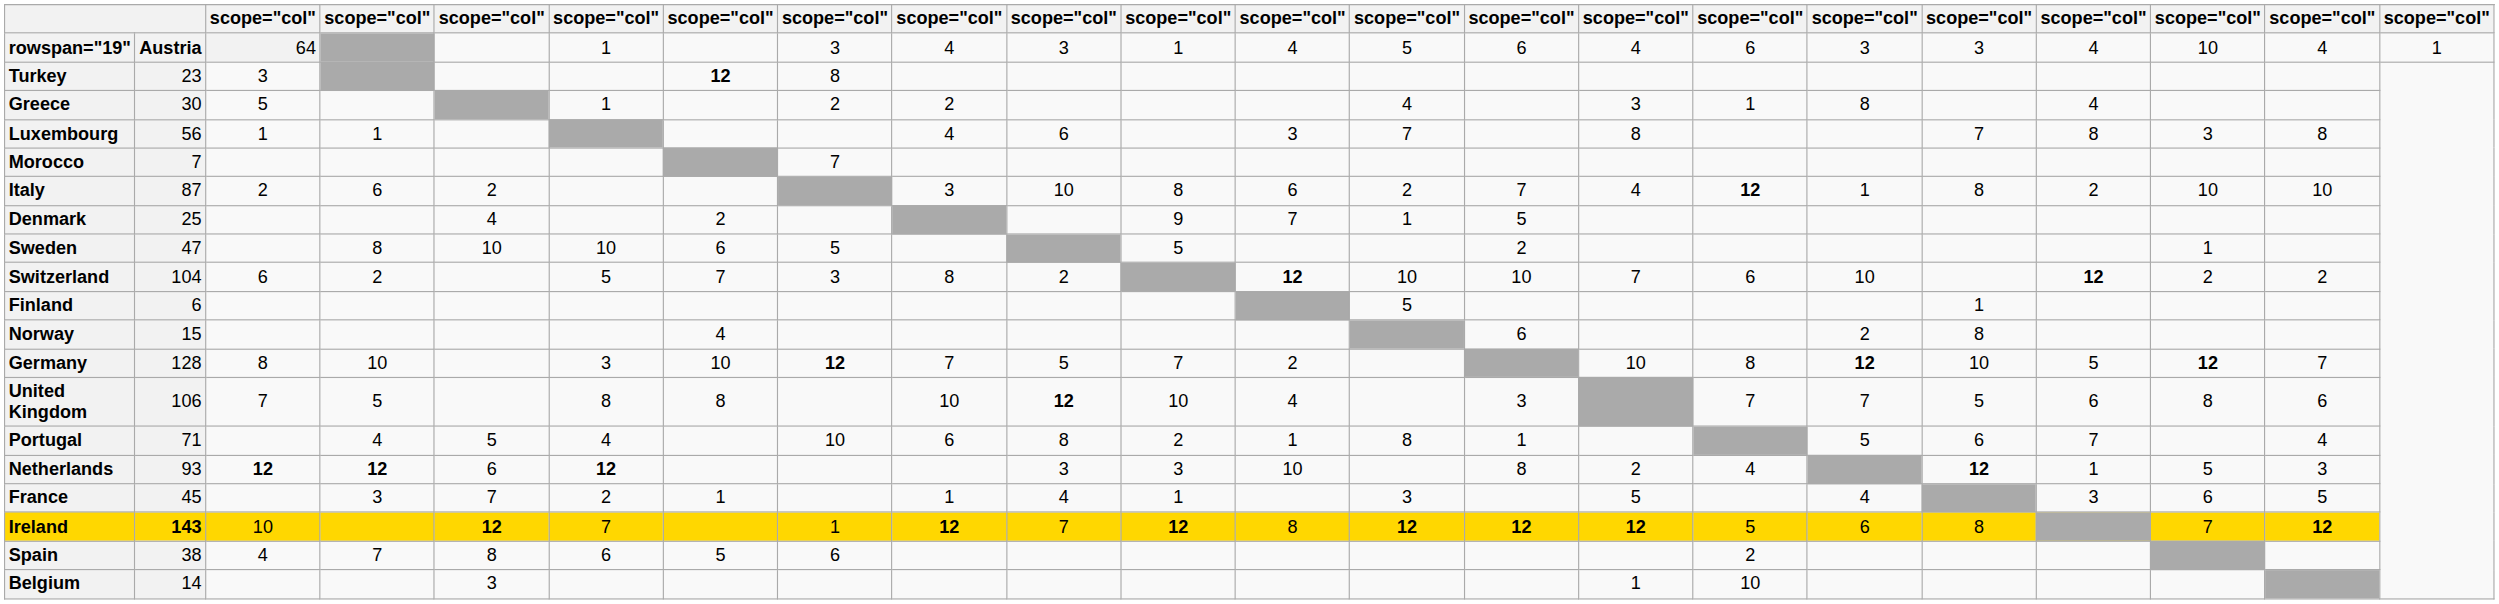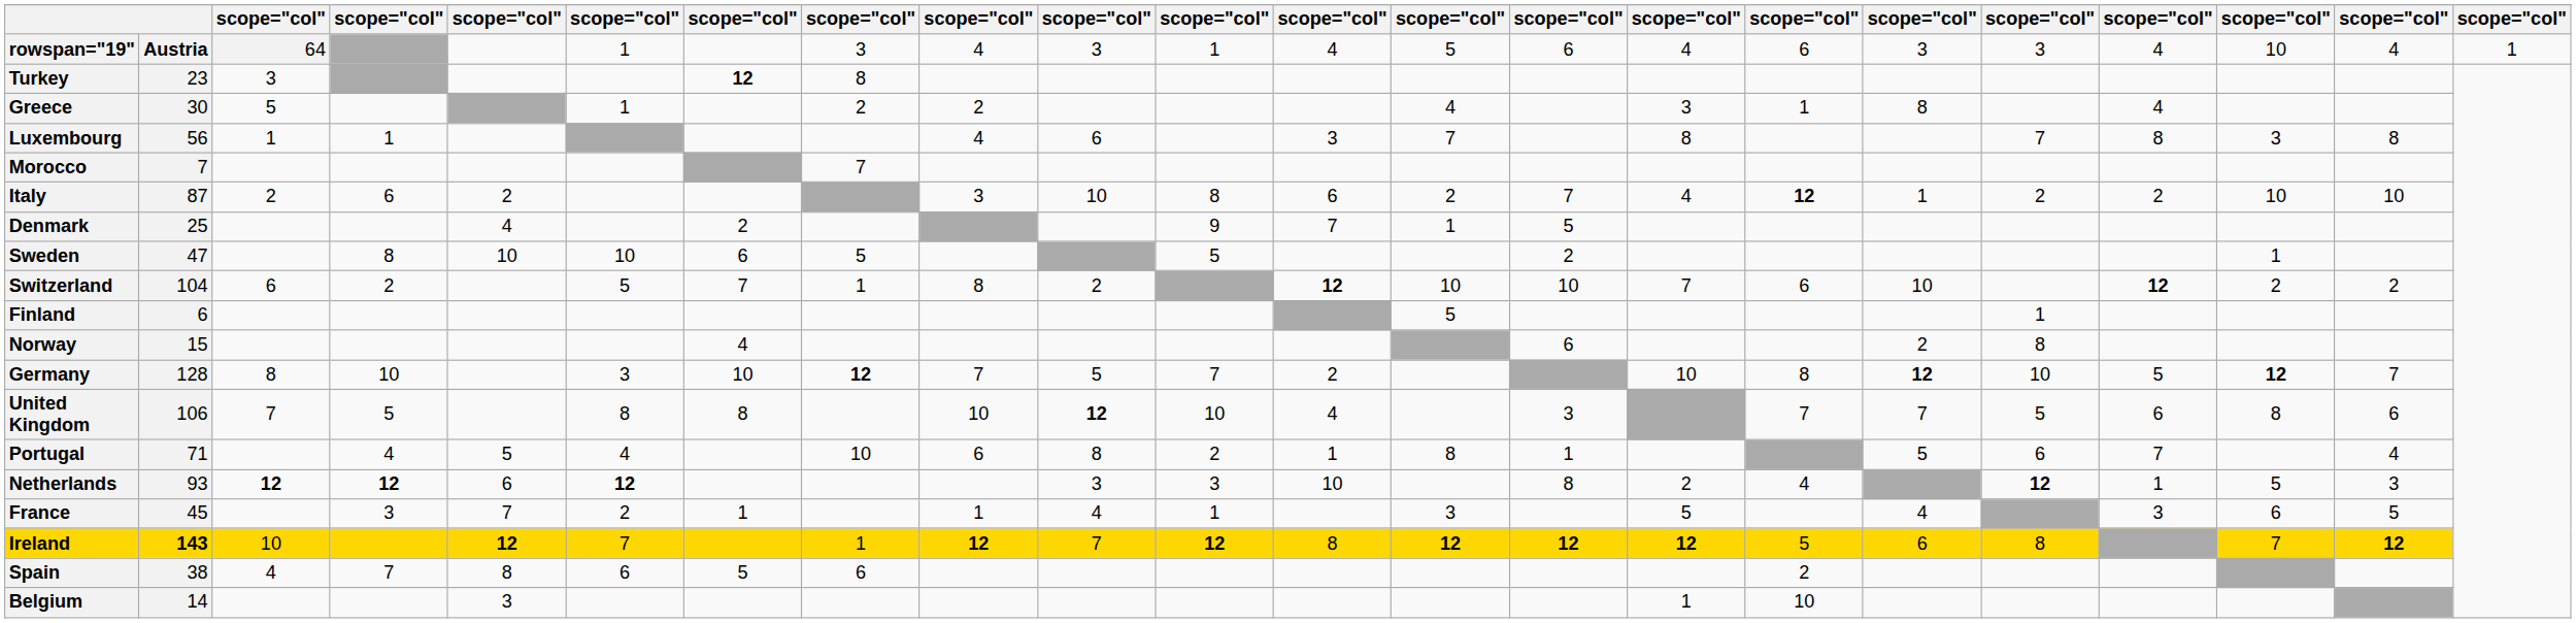 <table class="wikitable plainrowheaders" style="text-align:center;">
 <tr>
 </tr>
 <tr>
 <th colspan="2"></th>
 <th>scope="col" </th>
 <th>scope="col" </th>
 <th>scope="col" </th>
 <th>scope="col" </th>
 <th>scope="col" </th>
 <th>scope="col" </th>
 <th>scope="col" </th>
 <th>scope="col" </th>
 <th>scope="col" </th>
 <th>scope="col" </th>
 <th>scope="col" </th>
 <th>scope="col" </th>
 <th>scope="col" </th>
 <th>scope="col" </th>
 <th>scope="col" </th>
 <th>scope="col" </th>
 <th>scope="col" </th>
 <th>scope="col" </th>
 <th>scope="col" </th>
 <th>scope="col" </th>
 </tr>
 <tr>
 <th>rowspan="19" </th>
 <th scope="row" style="text-align:left; background:#f2f2f2;">Austria</th>
 <td style="text-align:right; background:#f2f2f2;">64</td>
 <td style="text-align:left; background:#aaa;"></td>
 <td></td>
 <td>1</td>
 <td></td>
 <td>3</td>
 <td>4</td>
 <td>3</td>
 <td>1</td>
 <td>4</td>
 <td>5</td>
 <td>6</td>
 <td>4</td>
 <td>6</td>
 <td>3</td>
 <td>3</td>
 <td>4</td>
 <td>10</td>
 <td>4</td>
 <td>1</td>
 </tr>
 <tr>
 <th scope="row" style="text-align:left; background:#f2f2f2;">Turkey</th>
 <td style="text-align:right; background:#f2f2f2;">23</td>
 <td>3</td>
 <td style="text-align:left; background:#aaa;"></td>
 <td></td>
 <td></td>
 <td><strong>12</strong></td>
 <td>8</td>
 <td></td>
 <td></td>
 <td></td>
 <td></td>
 <td></td>
 <td></td>
 <td></td>
 <td></td>
 <td></td>
 <td></td>
 <td></td>
 <td></td>
 <td></td>
 </tr>
 <tr>
 <th scope="row" style="text-align:left; background:#f2f2f2;">Greece</th>
 <td style="text-align:right; background:#f2f2f2;">30</td>
 <td>5</td>
 <td></td>
 <td style="text-align:left; background:#aaa;"></td>
 <td>1</td>
 <td></td>
 <td>2</td>
 <td>2</td>
 <td></td>
 <td></td>
 <td></td>
 <td>4</td>
 <td></td>
 <td>3</td>
 <td>1</td>
 <td>8</td>
 <td></td>
 <td>4</td>
 <td></td>
 <td></td>
 </tr>
 <tr>
 <th scope="row" style="text-align:left; background:#f2f2f2;">Luxembourg</th>
 <td style="text-align:right; background:#f2f2f2;">56</td>
 <td>1</td>
 <td>1</td>
 <td></td>
 <td style="text-align:left; background:#aaa;"></td>
 <td></td>
 <td></td>
 <td>4</td>
 <td>6</td>
 <td></td>
 <td>3</td>
 <td>7</td>
 <td></td>
 <td>8</td>
 <td></td>
 <td></td>
 <td>7</td>
 <td>8</td>
 <td>3</td>
 <td>8</td>
 </tr>
 <tr>
 <th scope="row" style="text-align:left; background:#f2f2f2;">Morocco</th>
 <td style="text-align:right; background:#f2f2f2;">7</td>
 <td></td>
 <td></td>
 <td></td>
 <td></td>
 <td style="text-align:left; background:#aaa;"></td>
 <td>7</td>
 <td></td>
 <td></td>
 <td></td>
 <td></td>
 <td></td>
 <td></td>
 <td></td>
 <td></td>
 <td></td>
 <td></td>
 <td></td>
 <td></td>
 <td></td>
 </tr>
 <tr>
 <th scope="row" style="text-align:left; background:#f2f2f2;">Italy</th>
 <td style="text-align:right; background:#f2f2f2;">87</td>
 <td>2</td>
 <td>6</td>
 <td>2</td>
 <td></td>
 <td></td>
 <td style="text-align:left; background:#aaa;"></td>
 <td>3</td>
 <td>10</td>
 <td>8</td>
 <td>6</td>
 <td>2</td>
 <td>7</td>
 <td>4</td>
 <td><strong>12</strong></td>
 <td>1</td>
-<td>8</td>
+<td>2</td>
 <td>2</td>
 <td>10</td>
 <td>10</td>
 </tr>
 <tr>
 <th scope="row" style="text-align:left; background:#f2f2f2;">Denmark</th>
 <td style="text-align:right; background:#f2f2f2;">25</td>
 <td></td>
 <td></td>
 <td>4</td>
 <td></td>
 <td>2</td>
 <td></td>
 <td style="text-align:left; background:#aaa;"></td>
 <td></td>
 <td>9</td>
 <td>7</td>
 <td>1</td>
 <td>5</td>
 <td></td>
 <td></td>
 <td></td>
 <td></td>
 <td></td>
 <td></td>
 <td></td>
 </tr>
 <tr>
 <th scope="row" style="text-align:left; background:#f2f2f2;">Sweden</th>
 <td style="text-align:right; background:#f2f2f2;">47</td>
 <td></td>
 <td>8</td>
 <td>10</td>
 <td>10</td>
 <td>6</td>
 <td>5</td>
 <td></td>
 <td style="text-align:left; background:#aaa;"></td>
 <td>5</td>
 <td></td>
 <td></td>
 <td>2</td>
 <td></td>
 <td></td>
 <td></td>
 <td></td>
 <td></td>
 <td>1</td>
 <td></td>
 </tr>
 <tr>
 <th scope="row" style="text-align:left; background:#f2f2f2;">Switzerland</th>
 <td style="text-align:right; background:#f2f2f2;">104</td>
 <td>6</td>
 <td>2</td>
 <td></td>
 <td>5</td>
 <td>7</td>
-<td>3</td>
+<td>1</td>
 <td>8</td>
 <td>2</td>
 <td style="text-align:left; background:#aaa;"></td>
 <td><strong>12</strong></td>
 <td>10</td>
 <td>10</td>
 <td>7</td>
 <td>6</td>
 <td>10</td>
 <td></td>
 <td><strong>12</strong></td>
 <td>2</td>
 <td>2</td>
 </tr>
 <tr>
 <th scope="row" style="text-align:left; background:#f2f2f2;">Finland</th>
 <td style="text-align:right; background:#f2f2f2;">6</td>
 <td></td>
 <td></td>
 <td></td>
 <td></td>
 <td></td>
 <td></td>
 <td></td>
 <td></td>
 <td></td>
 <td style="text-align:left; background:#aaa;"></td>
 <td>5</td>
 <td></td>
 <td></td>
 <td></td>
 <td></td>
 <td>1</td>
 <td></td>
 <td></td>
 <td></td>
 </tr>
 <tr>
 <th scope="row" style="text-align:left; background:#f2f2f2;">Norway</th>
 <td style="text-align:right; background:#f2f2f2;">15</td>
 <td></td>
 <td></td>
 <td></td>
 <td></td>
 <td>4</td>
 <td></td>
 <td></td>
 <td></td>
 <td></td>
 <td></td>
 <td style="text-align:left; background:#aaa;"></td>
 <td>6</td>
 <td></td>
 <td></td>
 <td>2</td>
 <td>8</td>
 <td></td>
 <td></td>
 <td></td>
 </tr>
 <tr>
 <th scope="row" style="text-align:left; background:#f2f2f2;">Germany</th>
 <td style="text-align:right; background:#f2f2f2;">128</td>
 <td>8</td>
 <td>10</td>
 <td></td>
 <td>3</td>
 <td>10</td>
 <td><strong>12</strong></td>
 <td>7</td>
 <td>5</td>
 <td>7</td>
 <td>2</td>
 <td></td>
 <td style="text-align:left; background:#aaa;"></td>
 <td>10</td>
 <td>8</td>
 <td><strong>12</strong></td>
 <td>10</td>
 <td>5</td>
 <td><strong>12</strong></td>
 <td>7</td>
 </tr>
 <tr>
 <th scope="row" style="text-align:left; background:#f2f2f2;">United Kingdom</th>
 <td style="text-align:right; background:#f2f2f2;">106</td>
 <td>7</td>
 <td>5</td>
 <td></td>
 <td>8</td>
 <td>8</td>
 <td></td>
 <td>10</td>
 <td><strong>12</strong></td>
 <td>10</td>
 <td>4</td>
 <td></td>
 <td>3</td>
 <td style="text-align:left; background:#aaa;"></td>
 <td>7</td>
 <td>7</td>
 <td>5</td>
 <td>6</td>
 <td>8</td>
 <td>6</td>
 </tr>
 <tr>
 <th scope="row" style="text-align:left; background:#f2f2f2;">Portugal</th>
 <td style="text-align:right; background:#f2f2f2;">71</td>
 <td></td>
 <td>4</td>
 <td>5</td>
 <td>4</td>
 <td></td>
 <td>10</td>
 <td>6</td>
 <td>8</td>
 <td>2</td>
 <td>1</td>
 <td>8</td>
 <td>1</td>
 <td></td>
 <td style="text-align:left; background:#aaa;"></td>
 <td>5</td>
 <td>6</td>
 <td>7</td>
 <td></td>
 <td>4</td>
 </tr>
 <tr>
 <th scope="row" style="text-align:left; background:#f2f2f2;">Netherlands</th>
 <td style="text-align:right; background:#f2f2f2;">93</td>
 <td><strong>12</strong></td>
 <td><strong>12</strong></td>
 <td>6</td>
 <td><strong>12</strong></td>
 <td></td>
 <td></td>
 <td></td>
 <td>3</td>
 <td>3</td>
 <td>10</td>
 <td></td>
 <td>8</td>
 <td>2</td>
 <td>4</td>
 <td style="text-align:left; background:#aaa;"></td>
 <td><strong>12</strong></td>
 <td>1</td>
 <td>5</td>
 <td>3</td>
 </tr>
 <tr>
 <th scope="row" style="text-align:left; background:#f2f2f2;">France</th>
 <td style="text-align:right; background:#f2f2f2;">45</td>
 <td></td>
 <td>3</td>
 <td>7</td>
 <td>2</td>
 <td>1</td>
 <td></td>
 <td>1</td>
 <td>4</td>
 <td>1</td>
 <td></td>
 <td>3</td>
 <td></td>
 <td>5</td>
 <td></td>
 <td>4</td>
 <td style="text-align:left; background:#aaa;"></td>
 <td>3</td>
 <td>6</td>
 <td>5</td>
 </tr>
 <tr style="background:gold;">
 <th scope="row" style="text-align:left; font-weight:bold; background:gold;">Ireland</th>
 <td style="text-align:right; font-weight:bold;">143</td>
 <td>10</td>
 <td></td>
 <td><strong>12</strong></td>
 <td>7</td>
 <td></td>
 <td>1</td>
 <td><strong>12</strong></td>
 <td>7</td>
 <td><strong>12</strong></td>
 <td>8</td>
 <td><strong>12</strong></td>
 <td><strong>12</strong></td>
 <td><strong>12</strong></td>
 <td>5</td>
 <td>6</td>
 <td>8</td>
 <td style="text-align:left; background:#aaa;"></td>
 <td>7</td>
 <td><strong>12</strong></td>
 </tr>
 <tr>
 <th scope="row" style="text-align:left; background:#f2f2f2;">Spain</th>
 <td style="text-align:right; background:#f2f2f2;">38</td>
 <td>4</td>
 <td>7</td>
 <td>8</td>
 <td>6</td>
 <td>5</td>
 <td>6</td>
 <td></td>
 <td></td>
 <td></td>
 <td></td>
 <td></td>
 <td></td>
 <td></td>
 <td>2</td>
 <td></td>
 <td></td>
 <td></td>
 <td style="text-align:left; background:#aaa;"></td>
 <td></td>
 </tr>
 <tr>
 <th scope="row" style="text-align:left; background:#f2f2f2;">Belgium</th>
 <td style="text-align:right; background:#f2f2f2;">14</td>
 <td></td>
 <td></td>
 <td>3</td>
 <td></td>
 <td></td>
 <td></td>
 <td></td>
 <td></td>
 <td></td>
 <td></td>
 <td></td>
 <td></td>
 <td>1</td>
 <td>10</td>
 <td></td>
 <td></td>
 <td></td>
 <td></td>
 <td style="text-align:left; background:#aaa;"></td>
 </tr>
 </table>
